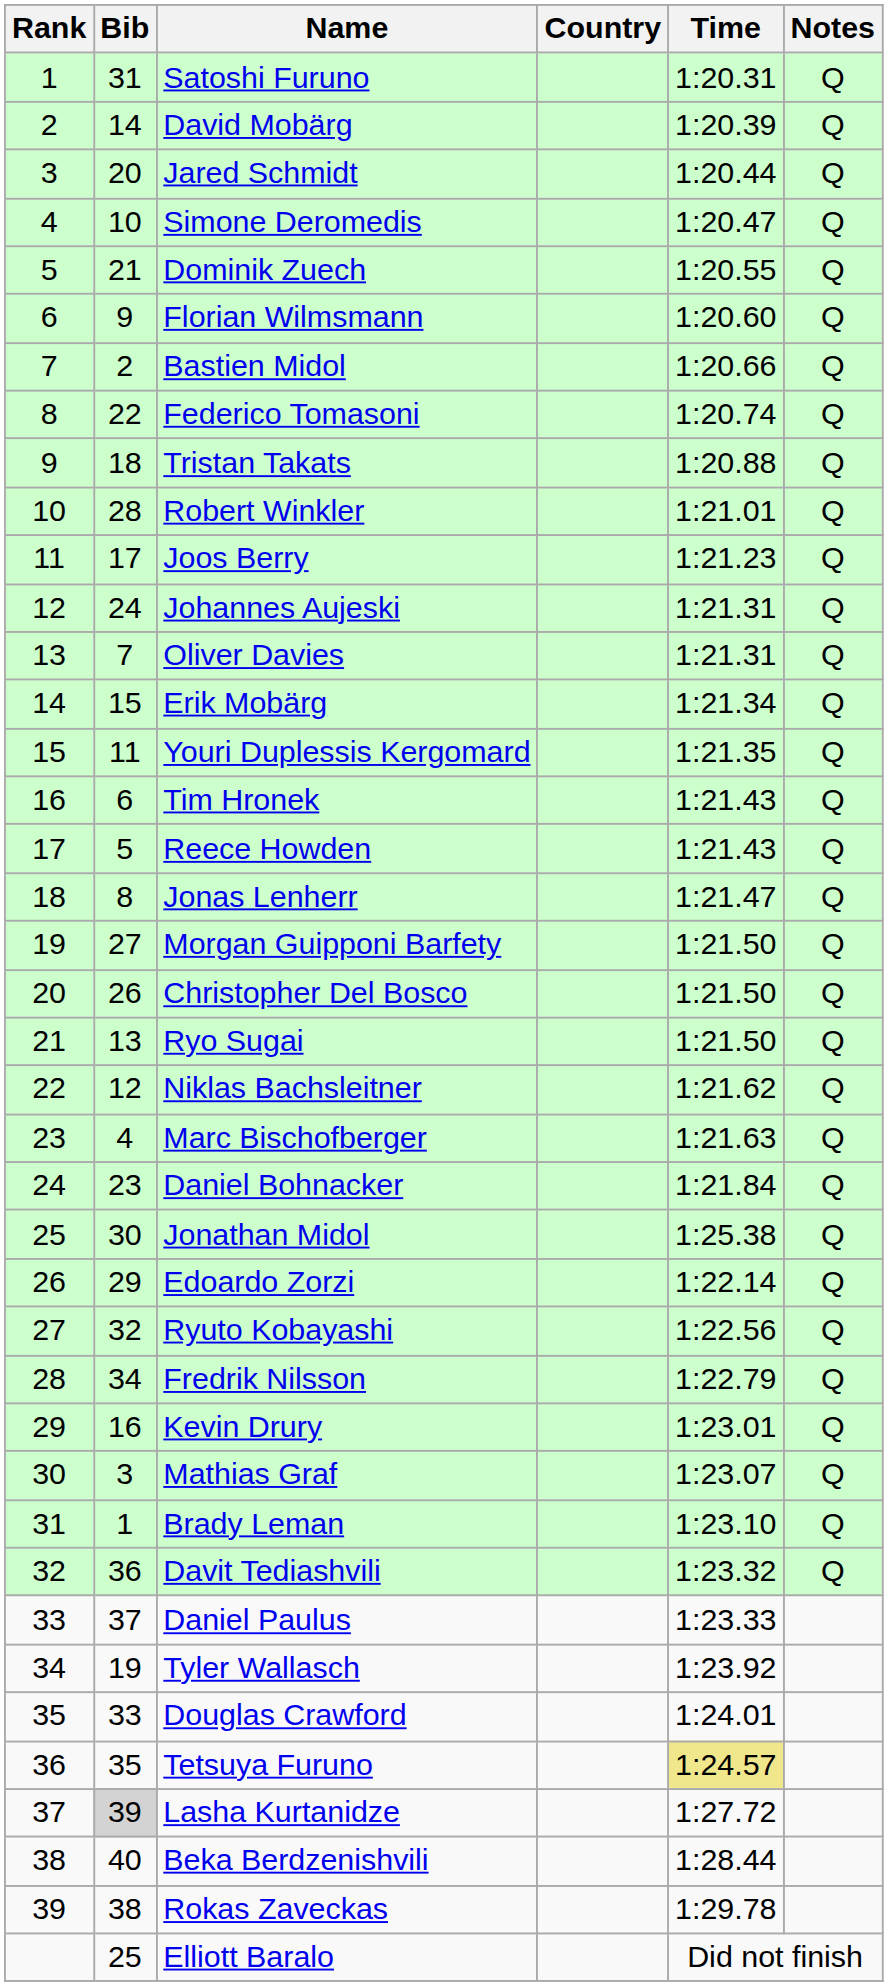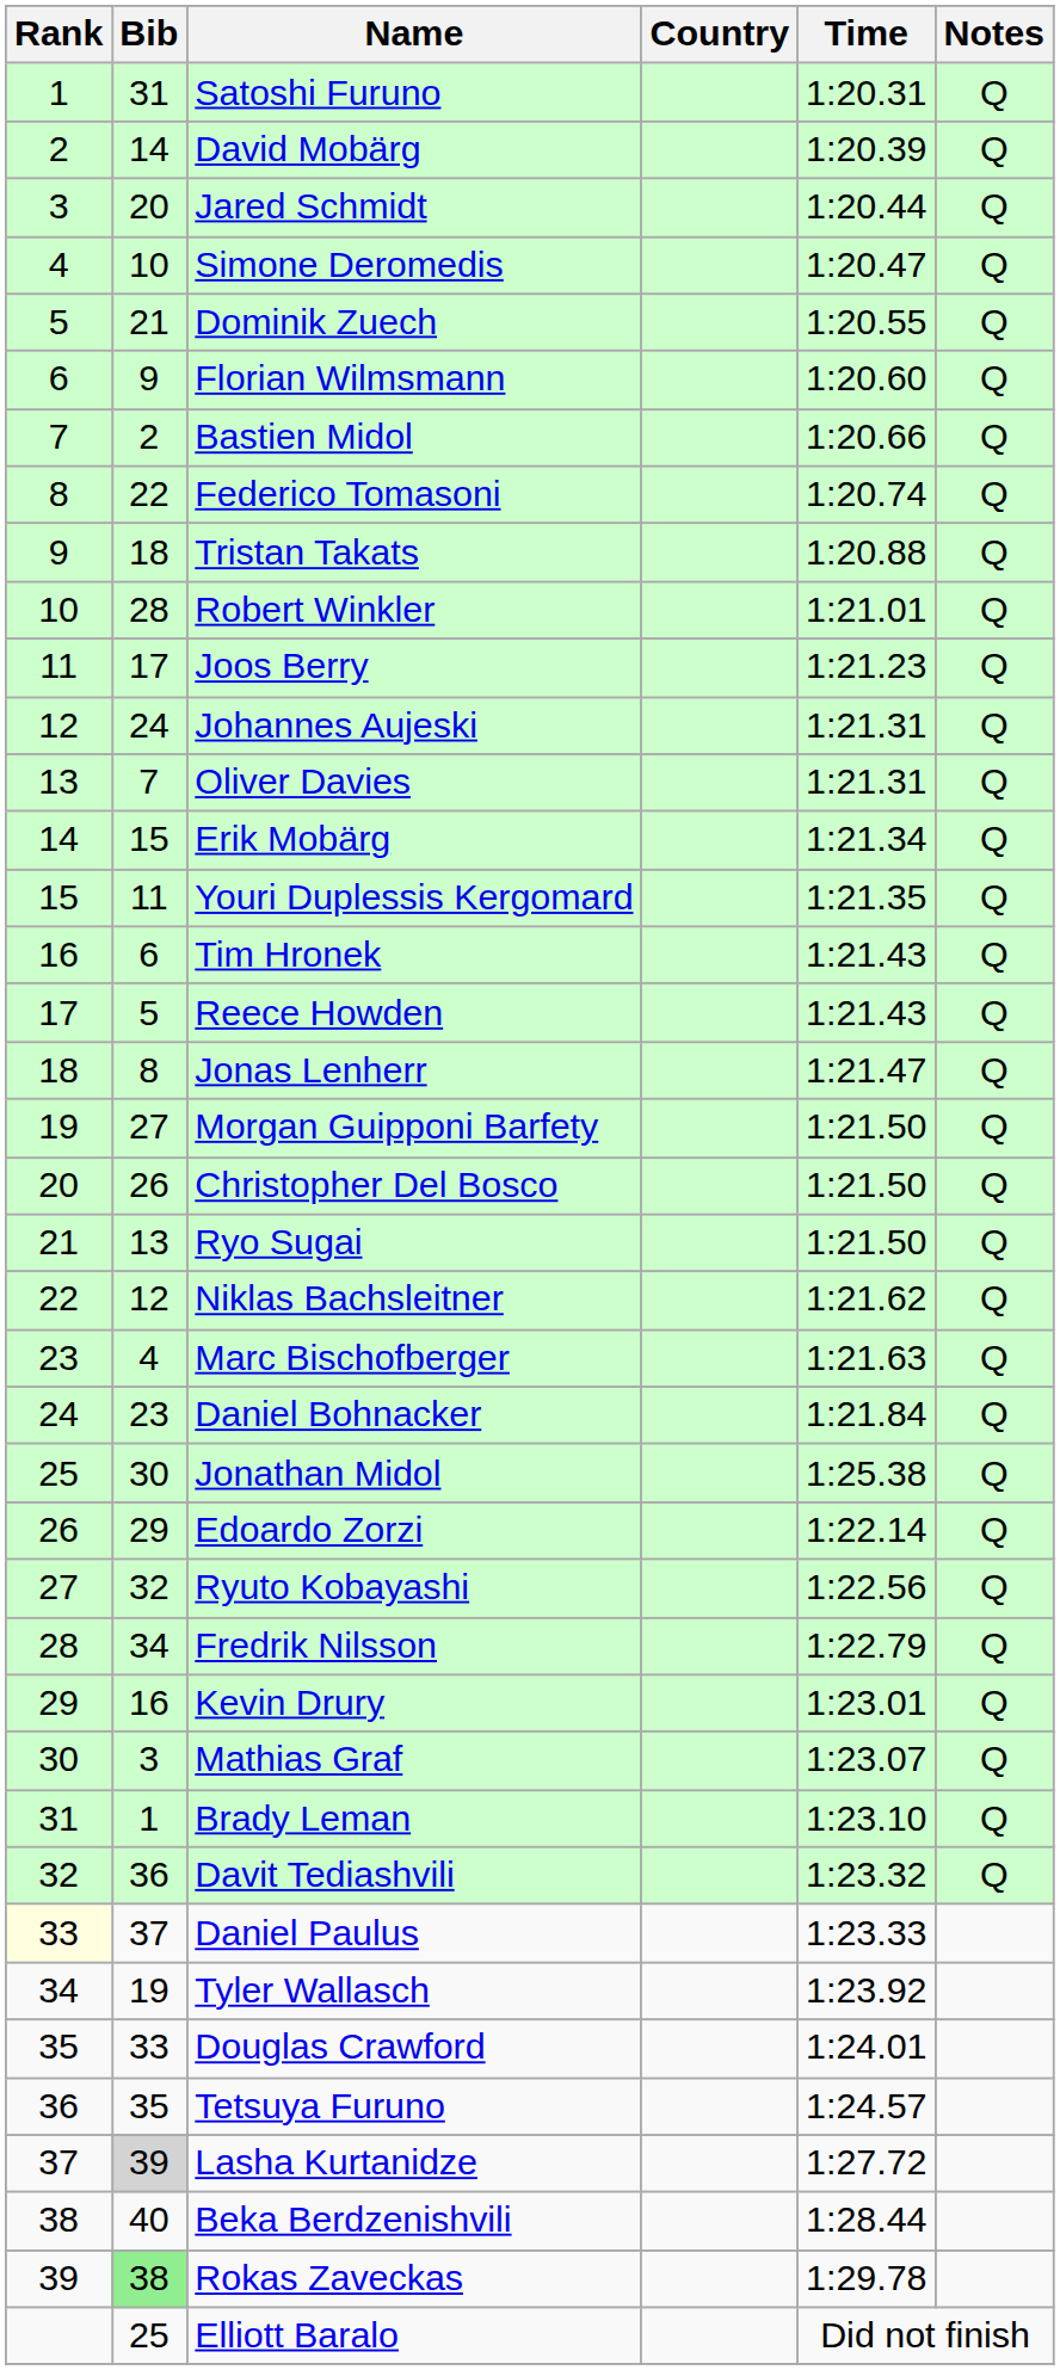 <table class="wikitable sortable" style="text-align:center">
 <tr>
 <th>Rank</th>
 <th>Bib</th>
 <th>Name</th>
 <th>Country</th>
 <th>Time</th>
 <th>Notes</th>
 </tr>
 <tr bgcolor=ccffcc>
 <td>1</td>
 <td>31</td>
 <td align=left><a href='#'>Satoshi Furuno</a></td>
 <td align=left></td>
 <td>1:20.31</td>
 <td>Q</td>
 </tr>
 <tr bgcolor=ccffcc>
 <td>2</td>
 <td>14</td>
 <td align=left><a href='#'>David Mobärg</a></td>
 <td align=left></td>
 <td>1:20.39</td>
 <td>Q</td>
 </tr>
 <tr bgcolor=ccffcc>
 <td>3</td>
 <td>20</td>
 <td align=left><a href='#'>Jared Schmidt</a></td>
 <td align=left></td>
 <td>1:20.44</td>
 <td>Q</td>
 </tr>
 <tr bgcolor=ccffcc>
 <td>4</td>
 <td>10</td>
 <td align=left><a href='#'>Simone Deromedis</a></td>
 <td align=left></td>
 <td>1:20.47</td>
 <td>Q</td>
 </tr>
 <tr bgcolor=ccffcc>
 <td>5</td>
 <td>21</td>
 <td align=left><a href='#'>Dominik Zuech</a></td>
 <td align=left></td>
 <td>1:20.55</td>
 <td>Q</td>
 </tr>
 <tr bgcolor=ccffcc>
 <td>6</td>
 <td>9</td>
 <td align=left><a href='#'>Florian Wilmsmann</a></td>
 <td align=left></td>
 <td>1:20.60</td>
 <td>Q</td>
 </tr>
 <tr bgcolor=ccffcc>
 <td>7</td>
 <td>2</td>
 <td align=left><a href='#'>Bastien Midol</a></td>
 <td align=left></td>
 <td>1:20.66</td>
 <td>Q</td>
 </tr>
 <tr bgcolor=ccffcc>
 <td>8</td>
 <td>22</td>
 <td align=left><a href='#'>Federico Tomasoni</a></td>
 <td align=left></td>
 <td>1:20.74</td>
 <td>Q</td>
 </tr>
 <tr bgcolor=ccffcc>
 <td>9</td>
 <td>18</td>
 <td align=left><a href='#'>Tristan Takats</a></td>
 <td align=left></td>
 <td>1:20.88</td>
 <td>Q</td>
 </tr>
 <tr bgcolor=ccffcc>
 <td>10</td>
 <td>28</td>
 <td align=left><a href='#'>Robert Winkler</a></td>
 <td align=left></td>
 <td>1:21.01</td>
 <td>Q</td>
 </tr>
 <tr bgcolor=ccffcc>
 <td>11</td>
 <td>17</td>
 <td align=left><a href='#'>Joos Berry</a></td>
 <td align=left></td>
 <td>1:21.23</td>
 <td>Q</td>
 </tr>
 <tr bgcolor=ccffcc>
 <td>12</td>
 <td>24</td>
 <td align=left><a href='#'>Johannes Aujeski</a></td>
 <td align=left></td>
 <td>1:21.31</td>
 <td>Q</td>
 </tr>
 <tr bgcolor=ccffcc>
 <td>13</td>
 <td>7</td>
 <td align=left><a href='#'>Oliver Davies</a></td>
 <td align=left></td>
 <td>1:21.31</td>
 <td>Q</td>
 </tr>
 <tr bgcolor=ccffcc>
 <td>14</td>
 <td>15</td>
 <td align=left><a href='#'>Erik Mobärg</a></td>
 <td align=left></td>
 <td>1:21.34</td>
 <td>Q</td>
 </tr>
 <tr bgcolor=ccffcc>
 <td>15</td>
 <td>11</td>
 <td align=left><a href='#'>Youri Duplessis Kergomard</a></td>
 <td align=left></td>
 <td>1:21.35</td>
 <td>Q</td>
 </tr>
 <tr bgcolor=ccffcc>
 <td>16</td>
 <td>6</td>
 <td align=left><a href='#'>Tim Hronek</a></td>
 <td align=left></td>
 <td>1:21.43</td>
 <td>Q</td>
 </tr>
 <tr bgcolor=ccffcc>
 <td>17</td>
 <td>5</td>
 <td align=left><a href='#'>Reece Howden</a></td>
 <td align=left></td>
 <td>1:21.43</td>
 <td>Q</td>
 </tr>
 <tr bgcolor=ccffcc>
 <td>18</td>
 <td>8</td>
 <td align=left><a href='#'>Jonas Lenherr</a></td>
 <td align=left></td>
 <td>1:21.47</td>
 <td>Q</td>
 </tr>
 <tr bgcolor=ccffcc>
 <td>19</td>
 <td>27</td>
 <td align=left><a href='#'>Morgan Guipponi Barfety</a></td>
 <td align=left></td>
 <td>1:21.50</td>
 <td>Q</td>
 </tr>
 <tr bgcolor=ccffcc>
 <td>20</td>
 <td>26</td>
 <td align=left><a href='#'>Christopher Del Bosco</a></td>
 <td align=left></td>
 <td>1:21.50</td>
 <td>Q</td>
 </tr>
 <tr bgcolor=ccffcc>
 <td>21</td>
 <td>13</td>
 <td align=left><a href='#'>Ryo Sugai</a></td>
 <td align=left></td>
 <td>1:21.50</td>
 <td>Q</td>
 </tr>
 <tr bgcolor=ccffcc>
 <td>22</td>
 <td>12</td>
 <td align=left><a href='#'>Niklas Bachsleitner</a></td>
 <td align=left></td>
 <td>1:21.62</td>
 <td>Q</td>
 </tr>
 <tr bgcolor=ccffcc>
 <td>23</td>
 <td>4</td>
 <td align=left><a href='#'>Marc Bischofberger</a></td>
 <td align=left></td>
 <td>1:21.63</td>
 <td>Q</td>
 </tr>
 <tr bgcolor=ccffcc>
 <td>24</td>
 <td>23</td>
 <td align=left><a href='#'>Daniel Bohnacker</a></td>
 <td align=left></td>
 <td>1:21.84</td>
 <td>Q</td>
 </tr>
 <tr bgcolor=ccffcc>
 <td>25</td>
 <td>30</td>
 <td align=left><a href='#'>Jonathan Midol</a></td>
 <td align=left></td>
 <td>1:25.38</td>
 <td>Q</td>
 </tr>
 <tr bgcolor=ccffcc>
 <td>26</td>
 <td>29</td>
 <td align=left><a href='#'>Edoardo Zorzi</a></td>
 <td align=left></td>
 <td>1:22.14</td>
 <td>Q</td>
 </tr>
 <tr bgcolor=ccffcc>
 <td>27</td>
 <td>32</td>
 <td align=left><a href='#'>Ryuto Kobayashi</a></td>
 <td align=left></td>
 <td>1:22.56</td>
 <td>Q</td>
 </tr>
 <tr bgcolor=ccffcc>
 <td>28</td>
 <td>34</td>
 <td align=left><a href='#'>Fredrik Nilsson</a></td>
 <td align=left></td>
 <td>1:22.79</td>
 <td>Q</td>
 </tr>
 <tr bgcolor=ccffcc>
 <td>29</td>
 <td>16</td>
 <td align=left><a href='#'>Kevin Drury</a></td>
 <td align=left></td>
 <td>1:23.01</td>
 <td>Q</td>
 </tr>
 <tr bgcolor=ccffcc>
 <td>30</td>
 <td>3</td>
 <td align=left><a href='#'>Mathias Graf</a></td>
 <td align=left></td>
 <td>1:23.07</td>
 <td>Q</td>
 </tr>
 <tr bgcolor=ccffcc>
 <td>31</td>
 <td>1</td>
 <td align=left><a href='#'>Brady Leman</a></td>
 <td align=left></td>
 <td>1:23.10</td>
 <td>Q</td>
 </tr>
 <tr bgcolor=ccffcc>
 <td>32</td>
 <td>36</td>
 <td align=left><a href='#'>Davit Tediashvili</a></td>
 <td align=left></td>
 <td>1:23.32</td>
 <td>Q</td>
 </tr>
 <tr>
-<td>33</td>
+<td style="background: lightyellow;">33</td>
 <td>37</td>
 <td align=left><a href='#'>Daniel Paulus</a></td>
 <td align=left></td>
 <td>1:23.33</td>
 <td></td>
 </tr>
 <tr>
 <td>34</td>
 <td>19</td>
 <td align=left><a href='#'>Tyler Wallasch</a></td>
 <td align=left></td>
 <td>1:23.92</td>
 <td></td>
 </tr>
 <tr>
 <td>35</td>
 <td>33</td>
 <td align=left><a href='#'>Douglas Crawford</a></td>
 <td align=left></td>
 <td>1:24.01</td>
 <td></td>
 </tr>
 <tr>
 <td>36</td>
 <td>35</td>
 <td align=left><a href='#'>Tetsuya Furuno</a></td>
 <td align=left></td>
-<td style="background: khaki;">1:24.57</td>
+<td>1:24.57</td>
 <td></td>
 </tr>
 <tr>
 <td>37</td>
 <td style="background: lightgrey;">39</td>
 <td align=left><a href='#'>Lasha Kurtanidze</a></td>
 <td align=left></td>
 <td>1:27.72</td>
 <td></td>
 </tr>
 <tr>
 <td>38</td>
 <td>40</td>
 <td align=left><a href='#'>Beka Berdzenishvili</a></td>
 <td align=left></td>
 <td>1:28.44</td>
 <td></td>
 </tr>
 <tr>
 <td>39</td>
-<td>38</td>
+<td style="background: lightgreen;">38</td>
 <td align=left><a href='#'>Rokas Zaveckas</a></td>
 <td align=left></td>
 <td>1:29.78</td>
 <td></td>
 </tr>
 <tr>
 <td></td>
 <td>25</td>
 <td align=left><a href='#'>Elliott Baralo</a></td>
 <td align=left></td>
 <td colspan=2>Did not finish</td>
 </tr>
 </table>
